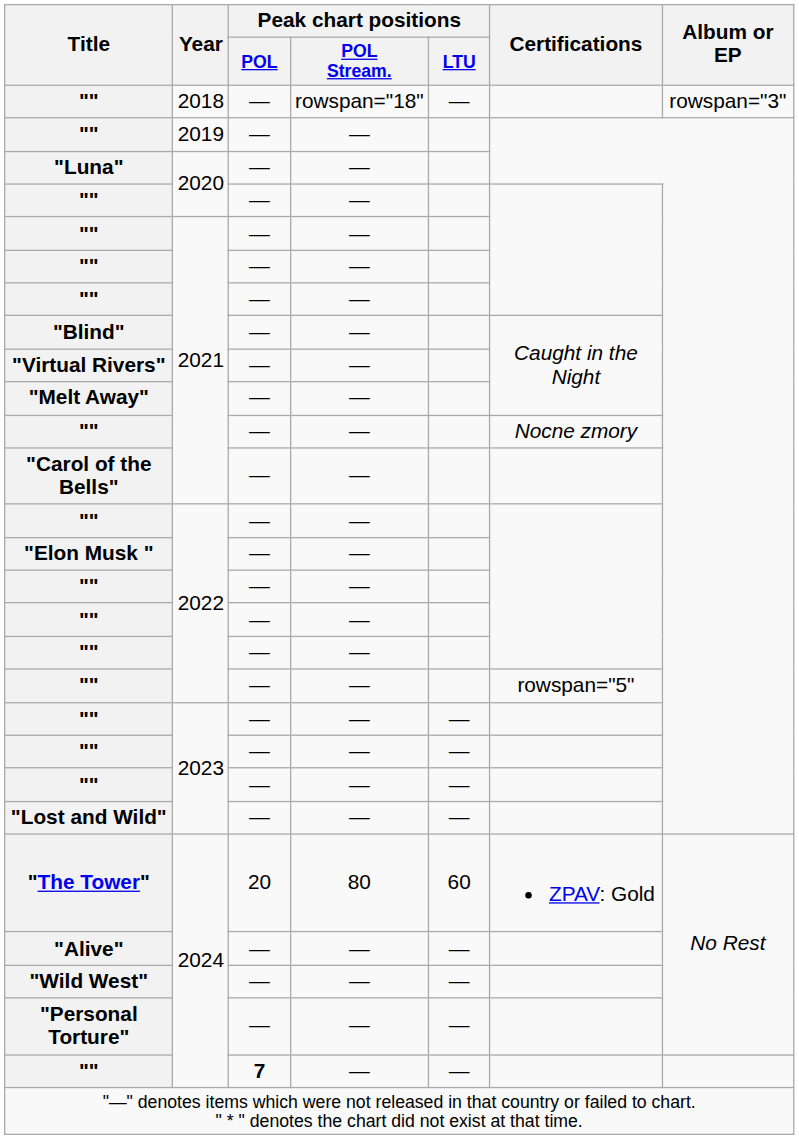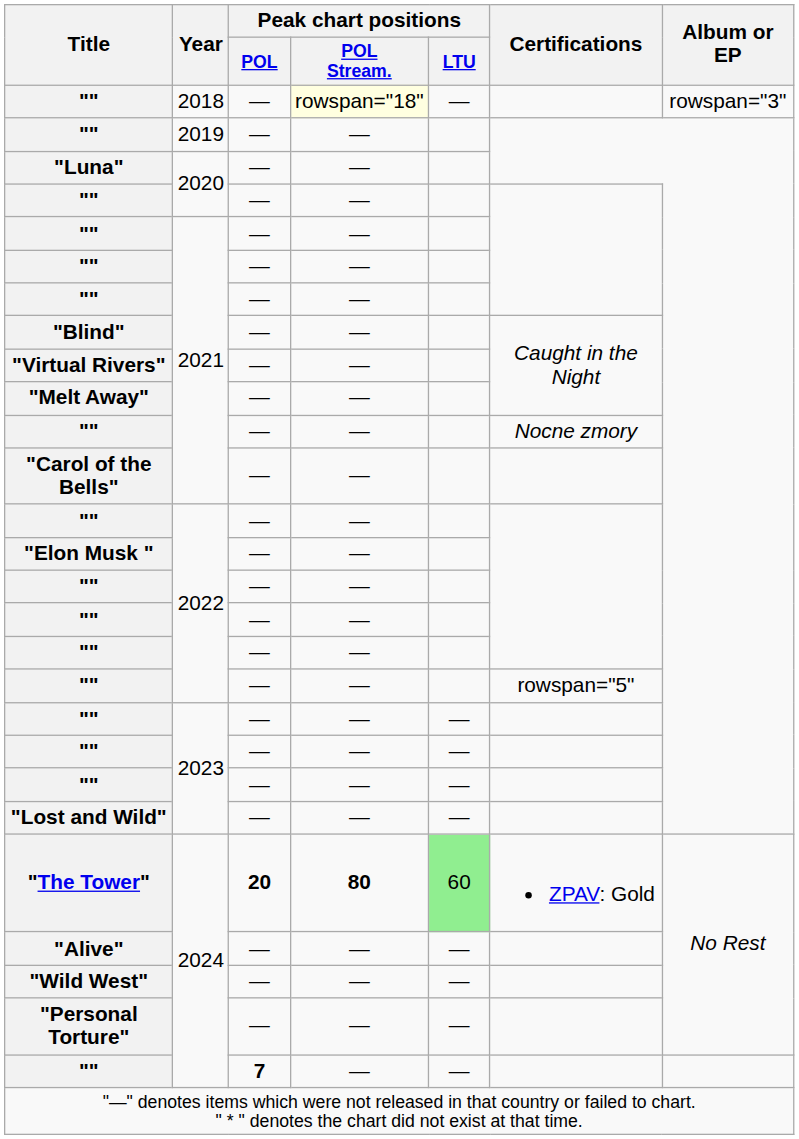 <table class="wikitable plainrowheaders" style="text-align:center;">
 <tr>
 <th scope="col" rowspan="2">Title</th>
 <th scope="col" rowspan="2">Year</th>
 <th scope="col" colspan="3">Peak chart positions</th>
 <th scope="col" rowspan="2">Certifications</th>
 <th scope="col" rowspan="2">Album or EP</th>
 </tr>
 <tr>
 <th scope="col" style="width:3em;font-size:85%"><a href='#'>POL</a><br></th>
 <th scope="col" style="width:3em;font-size:85%"><a href='#'>POL<br>Stream.</a><br></th>
 <th scope="col" style="width:3em;font-size:85%;"><a href='#'>LTU</a><br></th>
 </tr>
 <tr>
 <th scope="row">""</th>
 <td>2018</td>
 <td>—</td>
-<td>rowspan="18" </td>
+<td style="background: lightyellow;">rowspan="18" </td>
 <td>—</td>
 <td></td>
 <td>rowspan="3" </td>
 </tr>
 <tr>
 <th scope="row">""</th>
 <td>2019</td>
 <td>—</td>
 <td>—</td>
 <td></td>
 </tr>
 <tr>
 <th scope="row">"Luna"</th>
 <td rowspan="2">2020</td>
 <td>—</td>
 <td>—</td>
 <td></td>
 </tr>
 <tr>
 <th scope="row">""</th>
 <td>—</td>
 <td>—</td>
 <td></td>
 <td rowspan="4"></td>
 </tr>
 <tr>
 <th scope="row">""</th>
 <td rowspan="8">2021</td>
 <td>—</td>
 <td>—</td>
 <td></td>
 </tr>
 <tr>
 <th scope="row">""</th>
 <td>—</td>
 <td>—</td>
 <td></td>
 </tr>
 <tr>
 <th scope="row">""</th>
 <td>—</td>
 <td>—</td>
 <td></td>
 </tr>
 <tr>
 <th scope="row">"Blind"</th>
 <td>—</td>
 <td>—</td>
 <td></td>
 <td rowspan="3"><em>Caught in the Night</em></td>
 </tr>
 <tr>
 <th scope="row">"Virtual Rivers"</th>
 <td>—</td>
 <td>—</td>
 <td></td>
 </tr>
 <tr>
 <th scope="row">"Melt Away"</th>
 <td>—</td>
 <td>—</td>
 <td></td>
 </tr>
 <tr>
 <th scope="row">""</th>
 <td>—</td>
 <td>—</td>
 <td></td>
 <td><em>Nocne zmory</em></td>
 </tr>
 <tr>
 <th scope="row">"Carol of the Bells"</th>
 <td>—</td>
 <td>—</td>
 <td></td>
 <td></td>
 </tr>
 <tr>
 <th scope="row">""</th>
 <td rowspan="6">2022</td>
 <td>—</td>
 <td>—</td>
 <td></td>
 <td rowspan="5"></td>
 </tr>
 <tr>
 <th scope="row">"Elon Musk "</th>
 <td>—</td>
 <td>—</td>
 <td></td>
 </tr>
 <tr>
 <th scope="row">""</th>
 <td>—</td>
 <td>—</td>
 <td></td>
 </tr>
 <tr>
 <th scope="row">""</th>
 <td>—</td>
 <td>—</td>
 <td></td>
 </tr>
 <tr>
 <th scope="row">""</th>
 <td>—</td>
 <td>—</td>
 <td></td>
 </tr>
 <tr>
 <th scope="row">""</th>
 <td>—</td>
 <td>—</td>
 <td></td>
 <td>rowspan="5" </td>
 </tr>
 <tr>
 <th scope="row">""</th>
 <td rowspan="4">2023</td>
 <td>—</td>
 <td>—</td>
 <td>—</td>
 <td></td>
 </tr>
 <tr>
 <th scope="row">""</th>
 <td>—</td>
 <td>—</td>
 <td>—</td>
 <td></td>
 </tr>
 <tr>
 <th scope="row">""</th>
 <td>—</td>
 <td>—</td>
 <td>—</td>
 <td></td>
 </tr>
 <tr>
 <th scope="row">"Lost and Wild"</th>
 <td>—</td>
 <td>—</td>
 <td>—</td>
 <td></td>
 </tr>
 <tr>
 <th scope="row">"<a href='#'>The Tower</a>"</th>
 <td rowspan="5">2024</td>
-<td>20</td>
-<td>80</td>
-<td>60</td>
+<td><strong>20</strong></td>
+<td><strong>80</strong></td>
+<td style="background: lightgreen;">60</td>
 <td><br><ul><li><a href='#'>ZPAV</a>: Gold</li></ul></td>
 <td rowspan="4"><em>No Rest</em></td>
 </tr>
 <tr>
 <th scope="row">"Alive"</th>
 <td>—</td>
 <td>—</td>
 <td>—</td>
 <td></td>
 </tr>
 <tr>
 <th scope="row">"Wild West"</th>
 <td>—</td>
 <td>—</td>
 <td>—</td>
 <td></td>
 </tr>
 <tr>
 <th scope="row">"Personal Torture"</th>
 <td>—</td>
 <td>—</td>
 <td>—</td>
 <td></td>
 </tr>
 <tr>
 <th scope="row">""</th>
 <td><strong>7</strong></td>
 <td>—</td>
 <td>—</td>
 <td></td>
 <td></td>
 </tr>
 <tr>
 <td colspan="7" style="font-size:85%;">"—" denotes items which were not released in that country or failed to chart.<br>" * " denotes the chart did not exist at that time.</td>
 </tr>
 </table>
